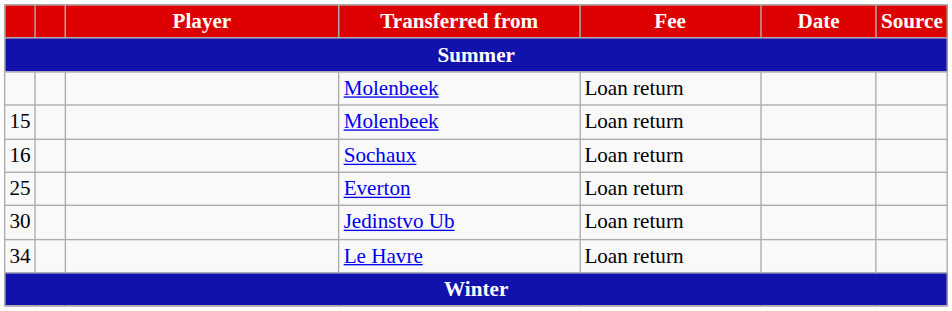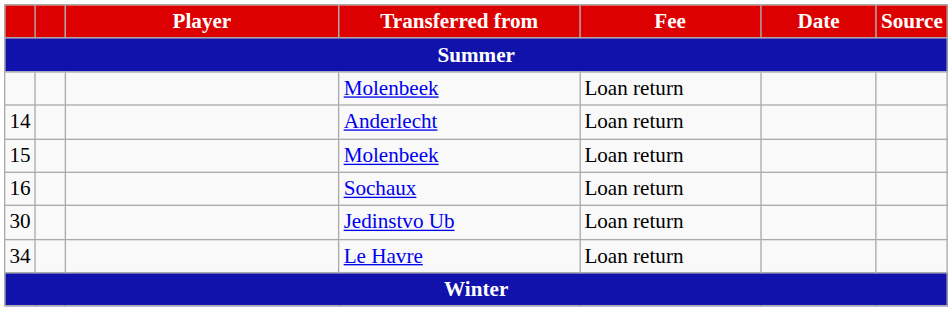 <table class="wikitable plainrowheaders sortable">
 <tr>
 <th style="background:#DD0000; color:white; scope=col; width:15px"></th>
 <th style="background:#DD0000; color:white; scope=col; width:15px"></th>
 <th style="background:#DD0000; color:white; scope=col; width:200px">Player</th>
 <th style="background:#DD0000; color:white; scope=col; width:175px">Transferred from</th>
 <th style="background:#DD0000; color:white; scope=col; width:130px">Fee</th>
 <th style="background:#DD0000; color:white; scope=col; width:80px">Date</th>
 <th style="background:#DD0000; color:white; scope=col; width:15px">Source</th>
 </tr>
 <tr>
 <th colspan="7" style="background:#1112AB; color:white;">Summer</th>
 </tr>
 <tr>
 <td align=center></td>
 <td align=center></td>
 <td></td>
 <td> <a href='#'>Molenbeek</a></td>
 <td>Loan return</td>
 <td></td>
 <td></td>
 </tr>
 <tr>
+<td align=center>14</td>
+<td align=center></td>
+<td></td>
+<td> <a href='#'>Anderlecht</a></td>
+<td>Loan return</td>
+<td></td>
+<td></td>
+</tr>
+<tr>
 <td align=center>15</td>
 <td align=center></td>
 <td></td>
 <td> <a href='#'>Molenbeek</a></td>
 <td>Loan return</td>
 <td></td>
 <td></td>
 </tr>
 <tr>
 <td align=center>16</td>
 <td align=center></td>
 <td></td>
 <td> <a href='#'>Sochaux</a></td>
-<td>Loan return</td>
-<td></td>
-<td></td>
-</tr>
-<tr>
-<td align=center>25</td>
-<td align=center></td>
-<td></td>
-<td> <a href='#'>Everton</a></td>
 <td>Loan return</td>
 <td></td>
 <td></td>
 </tr>
 <tr>
 <td align=center>30</td>
 <td align=center></td>
 <td></td>
 <td> <a href='#'>Jedinstvo Ub</a></td>
 <td>Loan return</td>
 <td></td>
 <td></td>
 </tr>
 <tr>
 <td align=center>34</td>
 <td align=center></td>
 <td></td>
 <td> <a href='#'>Le Havre</a></td>
 <td>Loan return</td>
 <td></td>
 <td></td>
 </tr>
 <tr>
 <th colspan="7" style="background:#1112AB; color:white;">Winter</th>
 </tr>
 </table>
